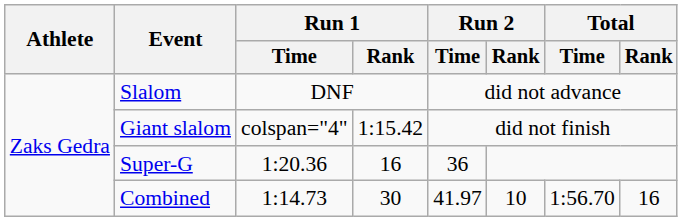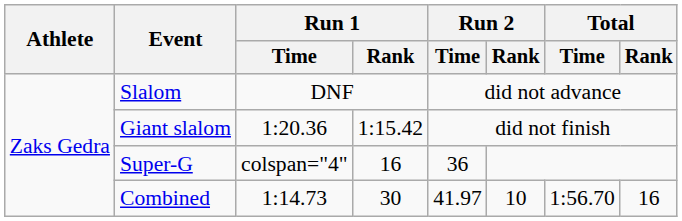 <table class="wikitable" style="font-size:90%">
 <tr>
 <th rowspan=2>Athlete</th>
 <th rowspan=2>Event</th>
 <th colspan=2>Run 1</th>
 <th colspan=2>Run 2</th>
 <th colspan=2>Total</th>
 </tr>
 <tr style="font-size:95%">
 <th>Time</th>
 <th>Rank</th>
 <th>Time</th>
 <th>Rank</th>
 <th>Time</th>
 <th>Rank</th>
 </tr>
 <tr align=center>
 <td align="left" rowspan="4"><a href='#'>Zaks Gedra</a></td>
 <td align="left"><a href='#'>Slalom</a></td>
 <td colspan=2>DNF</td>
 <td colspan=4>did not advance</td>
 </tr>
 <tr align=center>
 <td align="left"><a href='#'>Giant slalom</a></td>
-<td>colspan="4" </td>
+<td>1:20.36</td>
 <td>1:15.42</td>
 <td colspan=4>did not finish</td>
 </tr>
 <tr align=center>
 <td align="left"><a href='#'>Super-G</a></td>
-<td>1:20.36</td>
+<td>colspan="4" </td>
 <td>16</td>
 <td>36</td>
 </tr>
 <tr align=center>
 <td align="left"><a href='#'>Combined</a></td>
 <td>1:14.73</td>
 <td>30</td>
 <td>41.97</td>
 <td>10</td>
 <td>1:56.70</td>
 <td>16</td>
 </tr>
 </table>
